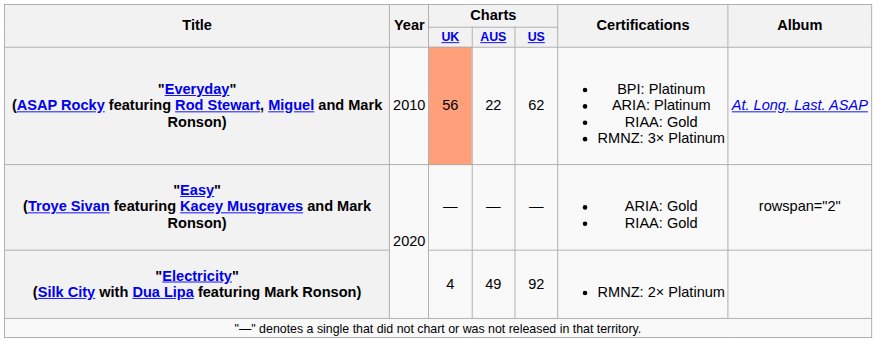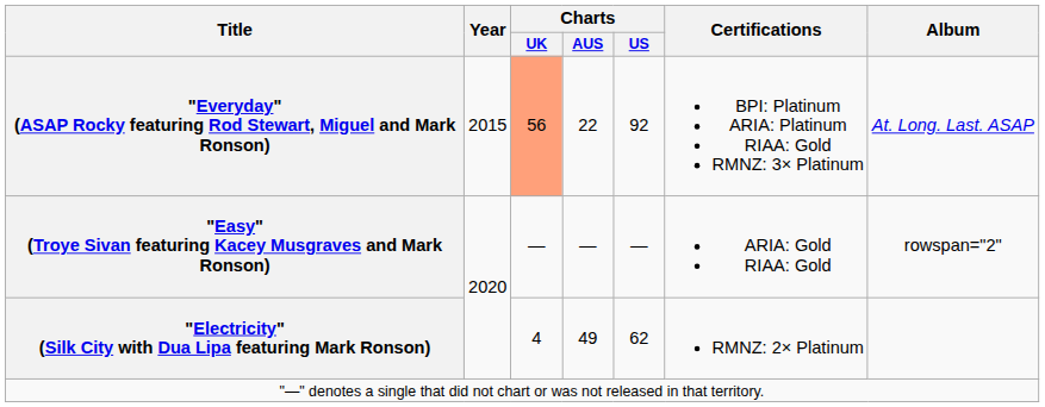 <table class="wikitable plainrowheaders" style="text-align:center;">
 <tr>
 <th rowspan="2" scope="col" style="width:26em;">Title</th>
 <th rowspan="2" scope="col" style="width:1em;">Year</th>
 <th colspan="3" scope="col">Charts</th>
 <th rowspan="2" scope="col">Certifications</th>
 <th rowspan="2" scope="col">Album</th>
 </tr>
 <tr>
 <th scope="col" style="width:3em;font-size:85%;"><a href='#'>UK</a><br></th>
 <th scope="col" style="width:3em;font-size:85%;"><a href='#'>AUS</a><br></th>
 <th scope="col" style="width:3em;font-size:85%;"><a href='#'>US</a><br></th>
 </tr>
 <tr>
 <th scope="row">"<a href='#'>Everyday</a>"<br><span>(<a href='#'>ASAP Rocky</a> featuring <a href='#'>Rod Stewart</a>, <a href='#'>Miguel</a> and Mark Ronson)</span></th>
-<td>2010</td>
+<td>2015</td>
 <td style="background: lightsalmon;">56</td>
 <td>22</td>
-<td>62</td>
+<td>92</td>
 <td><br><ul><li>BPI: Platinum</li><li>ARIA: Platinum</li><li>RIAA: Gold</li><li>RMNZ: 3× Platinum</li></ul></td>
 <td><em><a href='#'>At. Long. Last. ASAP</a></em></td>
 </tr>
 <tr>
 <th scope="row">"<a href='#'>Easy</a>"<br><span>(<a href='#'>Troye Sivan</a> featuring <a href='#'>Kacey Musgraves</a> and Mark Ronson)</span></th>
 <td rowspan="2">2020</td>
 <td>—</td>
 <td>—</td>
 <td>—</td>
 <td><br><ul><li>ARIA: Gold</li><li>RIAA: Gold</li></ul></td>
 <td>rowspan="2" </td>
 </tr>
 <tr>
 <th scope="row">"<a href='#'>Electricity</a>"<br><span>(<a href='#'>Silk City</a> with <a href='#'>Dua Lipa</a> featuring Mark Ronson)</span></th>
 <td>4</td>
 <td>49</td>
-<td>92</td>
+<td>62</td>
 <td><br><ul><li>RMNZ: 2× Platinum</li></ul></td>
 </tr>
 <tr>
 <td colspan="8" style="font-size:85%">"—" denotes a single that did not chart or was not released in that territory.</td>
 </tr>
 </table>
